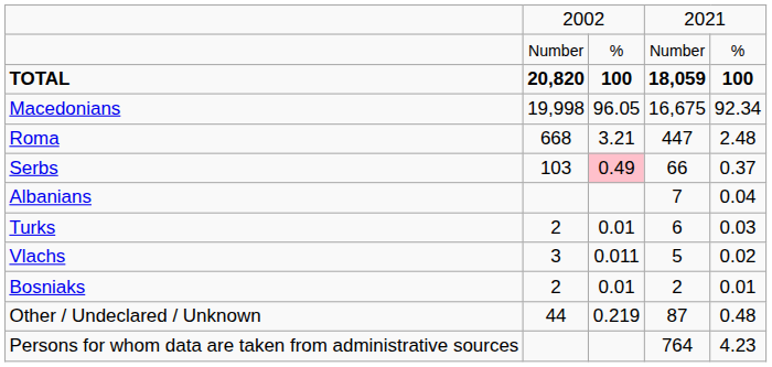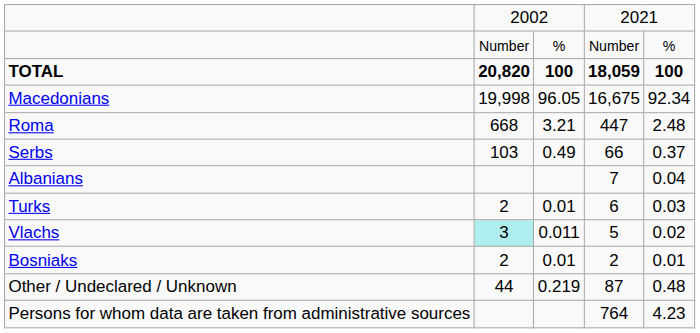 <table class="wikitable">
 <tr>
 <td></td>
 <td colspan="2" align="center">2002</td>
 <td colspan="2" align="center">2021</td>
 </tr>
 <tr>
 <td></td>
 <td align="center"><small>Number</small></td>
 <td align="center"><small>%</small></td>
 <td align="center"><small>Number</small></td>
 <td align="center"><small>%</small></td>
 </tr>
 <tr>
 <td><strong>TOTAL</strong></td>
 <td align="center"><strong>20,820</strong></td>
 <td align="center"><strong>100</strong></td>
 <td align="center"><strong>18,059</strong></td>
 <td align="center"><strong>100</strong></td>
 </tr>
 <tr>
 <td><a href='#'>Macedonians</a></td>
 <td align="center">19,998</td>
 <td align="center">96.05</td>
 <td align="center">16,675</td>
 <td align="center">92.34</td>
 </tr>
 <tr>
 <td><a href='#'>Roma</a></td>
 <td align="center">668</td>
 <td align="center">3.21</td>
 <td align="center">447</td>
 <td align="center">2.48</td>
 </tr>
 <tr>
 <td><a href='#'>Serbs</a></td>
 <td align="center">103</td>
-<td align="center" style="background: pink;">0.49</td>
+<td align="center">0.49</td>
 <td align="center">66</td>
 <td align="center">0.37</td>
 </tr>
 <tr>
 <td><a href='#'>Albanians</a></td>
 <td align="center"></td>
 <td align="center"></td>
 <td align="center">7</td>
 <td align="center">0.04</td>
 </tr>
 <tr>
 <td><a href='#'>Turks</a></td>
 <td align="center">2</td>
 <td align="center">0.01</td>
 <td align="center">6</td>
 <td align="center">0.03</td>
 </tr>
 <tr>
 <td><a href='#'>Vlachs</a></td>
-<td align="center">3</td>
+<td align="center" style="background: paleturquoise;">3</td>
 <td align="center">0.011</td>
 <td align="center">5</td>
 <td align="center">0.02</td>
 </tr>
 <tr>
 <td><a href='#'>Bosniaks</a></td>
 <td align="center">2</td>
 <td align="center">0.01</td>
 <td align="center">2</td>
 <td align="center">0.01</td>
 </tr>
 <tr>
 <td>Other / Undeclared / Unknown</td>
 <td align="center">44</td>
 <td align="center">0.219</td>
 <td align="center">87</td>
 <td align="center">0.48</td>
 </tr>
 <tr>
 <td>Persons for whom data are taken from administrative sources</td>
 <td align="center"></td>
 <td align="center"></td>
 <td align="center">764</td>
 <td align="center">4.23</td>
 </tr>
 </table>
